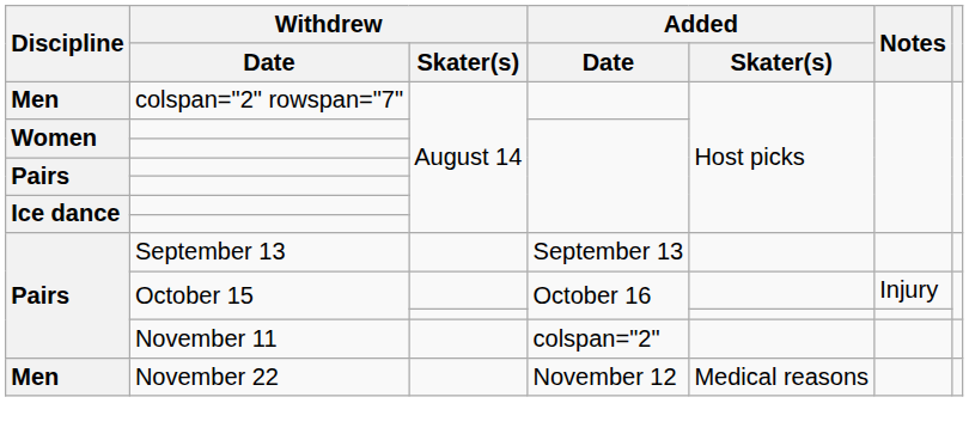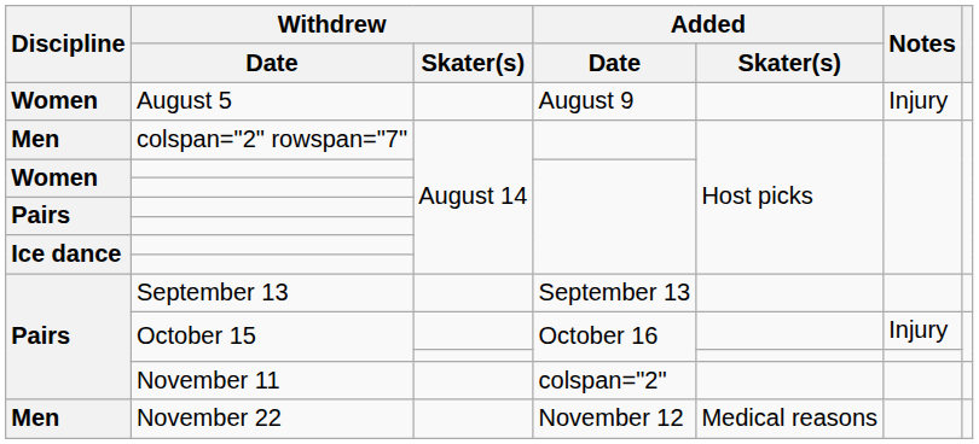 <table class="wikitable unsortable">
 <tr>
 <th scope="col" rowspan=2>Discipline</th>
 <th scope="col" colspan=2>Withdrew</th>
 <th scope="col" colspan=2>Added</th>
 <th scope="col" rowspan=2>Notes</th>
 <th scope="col" rowspan=2></th>
 </tr>
 <tr>
 <th>Date</th>
 <th>Skater(s)</th>
 <th>Date</th>
 <th>Skater(s)</th>
+</tr>
+<tr>
+<th scope="row" style="text-align:left">Women</th>
+<td>August 5</td>
+<td></td>
+<td>August 9</td>
+<td></td>
+<td>Injury</td>
+<td></td>
 </tr>
 <tr>
 <th scope="row" style="text-align:left">Men</th>
 <td>colspan="2" rowspan="7" </td>
 <td rowspan="7">August 14</td>
 <td></td>
 <td rowspan="7">Host picks</td>
 <td rowspan="7"></td>
 </tr>
 <tr>
 <th scope="row" style="text-align:left" rowspan="2">Women</th>
 <td></td>
 </tr>
 <tr>
 <td></td>
 </tr>
 <tr>
 <th scope="row" style="text-align:left" rowspan="2">Pairs</th>
 <td></td>
 </tr>
 <tr>
 <td></td>
 </tr>
 <tr>
 <th scope="row" style="text-align:left" rowspan="2">Ice dance</th>
 <td></td>
 </tr>
 <tr>
 <td></td>
 </tr>
 <tr>
 <th scope="row" style="text-align:left" rowspan="4">Pairs</th>
 <td>September 13</td>
 <td></td>
 <td>September 13</td>
 <td></td>
 <td></td>
 <td></td>
 </tr>
 <tr>
 <td rowspan="2">October 15</td>
 <td></td>
 <td rowspan="2">October 16</td>
 <td></td>
 <td>Injury</td>
 <td rowspan="2"></td>
 </tr>
 <tr>
 <td></td>
 <td></td>
 <td></td>
 </tr>
 <tr>
 <td>November 11</td>
 <td></td>
 <td>colspan="2" </td>
 <td></td>
 <td></td>
 <td></td>
 </tr>
 <tr>
 <th scope="row" style="text-align:left">Men</th>
 <td>November 22</td>
 <td></td>
 <td>November 12</td>
 <td>Medical reasons</td>
 <td></td>
 </tr>
 </table>
